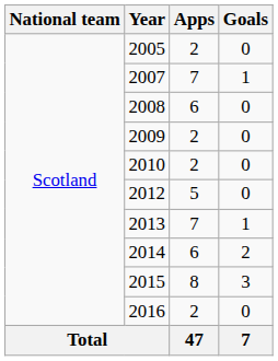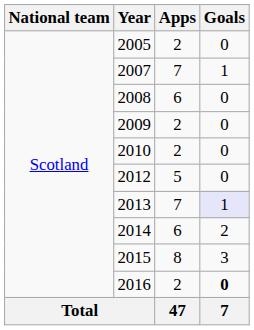 <table class="wikitable" style="text-align:center">
 <tr>
 <th>National team</th>
 <th>Year</th>
 <th>Apps</th>
 <th>Goals</th>
 </tr>
 <tr>
 <td rowspan="10"><a href='#'>Scotland</a></td>
 <td>2005</td>
 <td>2</td>
 <td>0</td>
 </tr>
 <tr>
 <td>2007</td>
 <td>7</td>
 <td>1</td>
 </tr>
 <tr>
 <td>2008</td>
 <td>6</td>
 <td>0</td>
 </tr>
 <tr>
 <td>2009</td>
 <td>2</td>
 <td>0</td>
 </tr>
 <tr>
 <td>2010</td>
 <td>2</td>
 <td>0</td>
 </tr>
 <tr>
 <td>2012</td>
 <td>5</td>
 <td>0</td>
 </tr>
 <tr>
 <td>2013</td>
 <td>7</td>
-<td>1</td>
+<td style="background: lavender;">1</td>
 </tr>
 <tr>
 <td>2014</td>
 <td>6</td>
 <td>2</td>
 </tr>
 <tr>
 <td>2015</td>
 <td>8</td>
 <td>3</td>
 </tr>
 <tr>
 <td>2016</td>
 <td>2</td>
-<td>0</td>
+<td><strong>0</strong></td>
 </tr>
 <tr>
 <th colspan="2">Total</th>
 <th>47</th>
 <th>7</th>
 </tr>
 </table>
